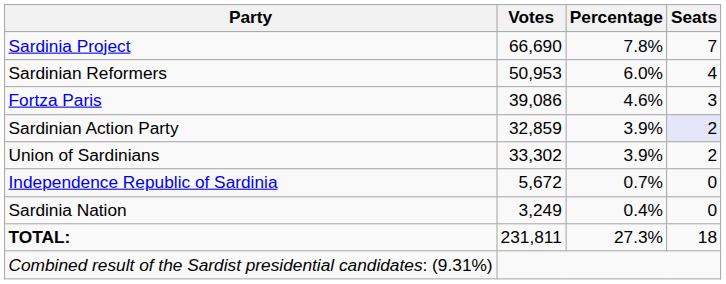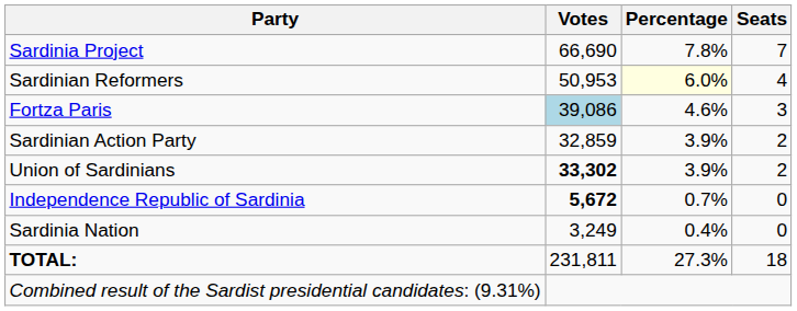 <table class="wikitable mw-collapsible" style="text-align:right">
 <tr>
 <th>Party</th>
 <th>Votes</th>
 <th>Percentage</th>
 <th>Seats</th>
 </tr>
 <tr>
 <td style="text-align:left;"><a href='#'>Sardinia Project</a></td>
 <td>66,690</td>
 <td>7.8%</td>
 <td>7</td>
 </tr>
 <tr>
 <td style="text-align:left;">Sardinian Reformers</td>
 <td>50,953</td>
-<td>6.0%</td>
+<td style="background: lightyellow;">6.0%</td>
 <td>4</td>
 </tr>
 <tr>
 <td style="text-align:left;"><a href='#'>Fortza Paris</a></td>
-<td>39,086</td>
+<td style="background: lightblue;">39,086</td>
 <td>4.6%</td>
 <td>3</td>
 </tr>
 <tr>
 <td style="text-align:left;">Sardinian Action Party</td>
 <td>32,859</td>
 <td>3.9%</td>
-<td style="background: lavender;">2</td>
+<td>2</td>
 </tr>
 <tr>
 <td style="text-align:left;">Union of Sardinians</td>
-<td>33,302</td>
+<td><strong>33,302</strong></td>
 <td>3.9%</td>
 <td>2</td>
 </tr>
 <tr>
 <td style="text-align:left;"><a href='#'>Independence Republic of Sardinia</a></td>
-<td>5,672</td>
+<td><strong>5,672</strong></td>
 <td>0.7%</td>
 <td>0</td>
 </tr>
 <tr>
 <td style="text-align:left;">Sardinia Nation</td>
 <td>3,249</td>
 <td>0.4%</td>
 <td>0</td>
 </tr>
 <tr>
 <td style="text-align:left;"><strong>TOTAL:</strong></td>
 <td>231,811</td>
 <td>27.3%</td>
 <td>18</td>
 </tr>
 <tr>
 <td><em>Combined result of the Sardist presidential candidates</em>:  (9.31%)</td>
 </tr>
 </table>
